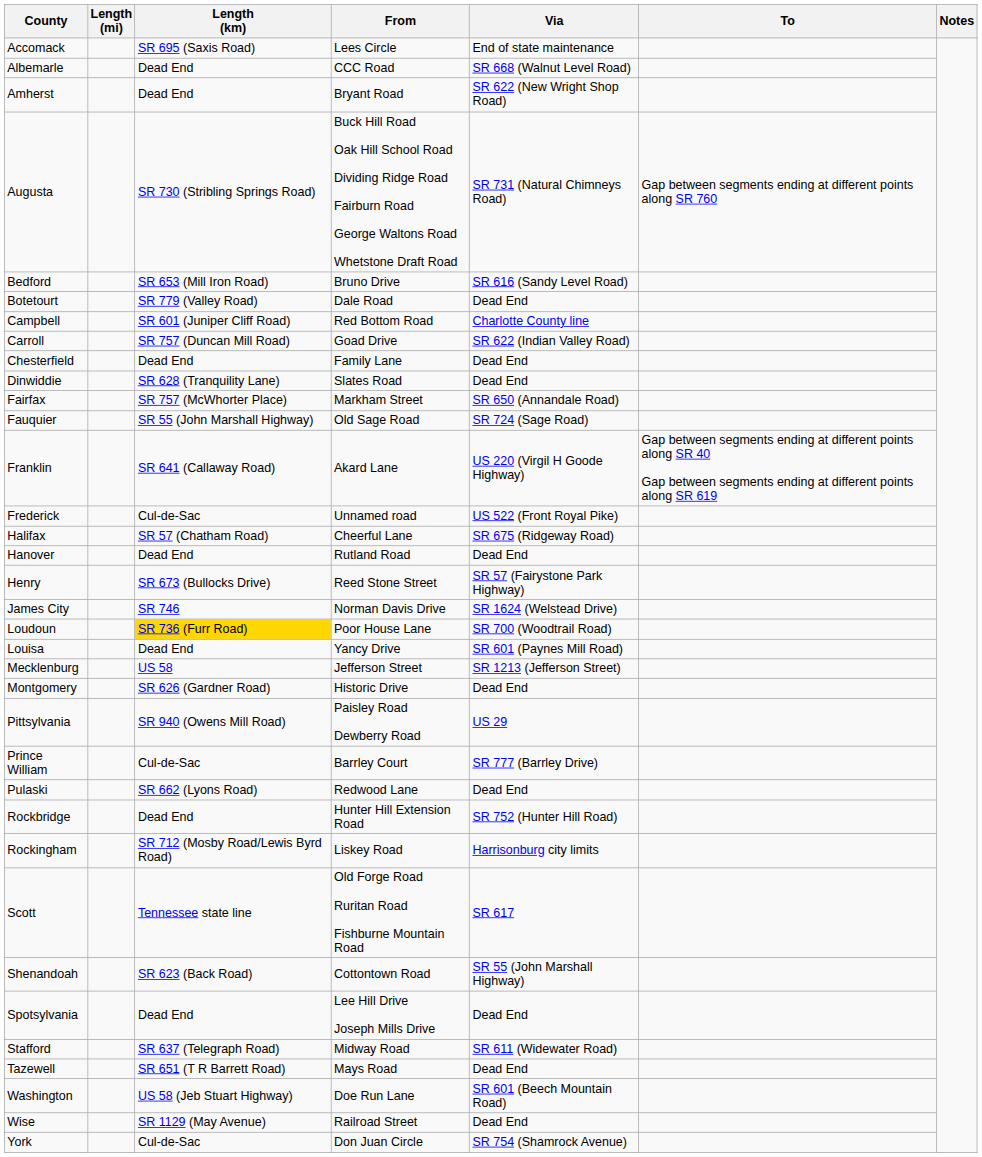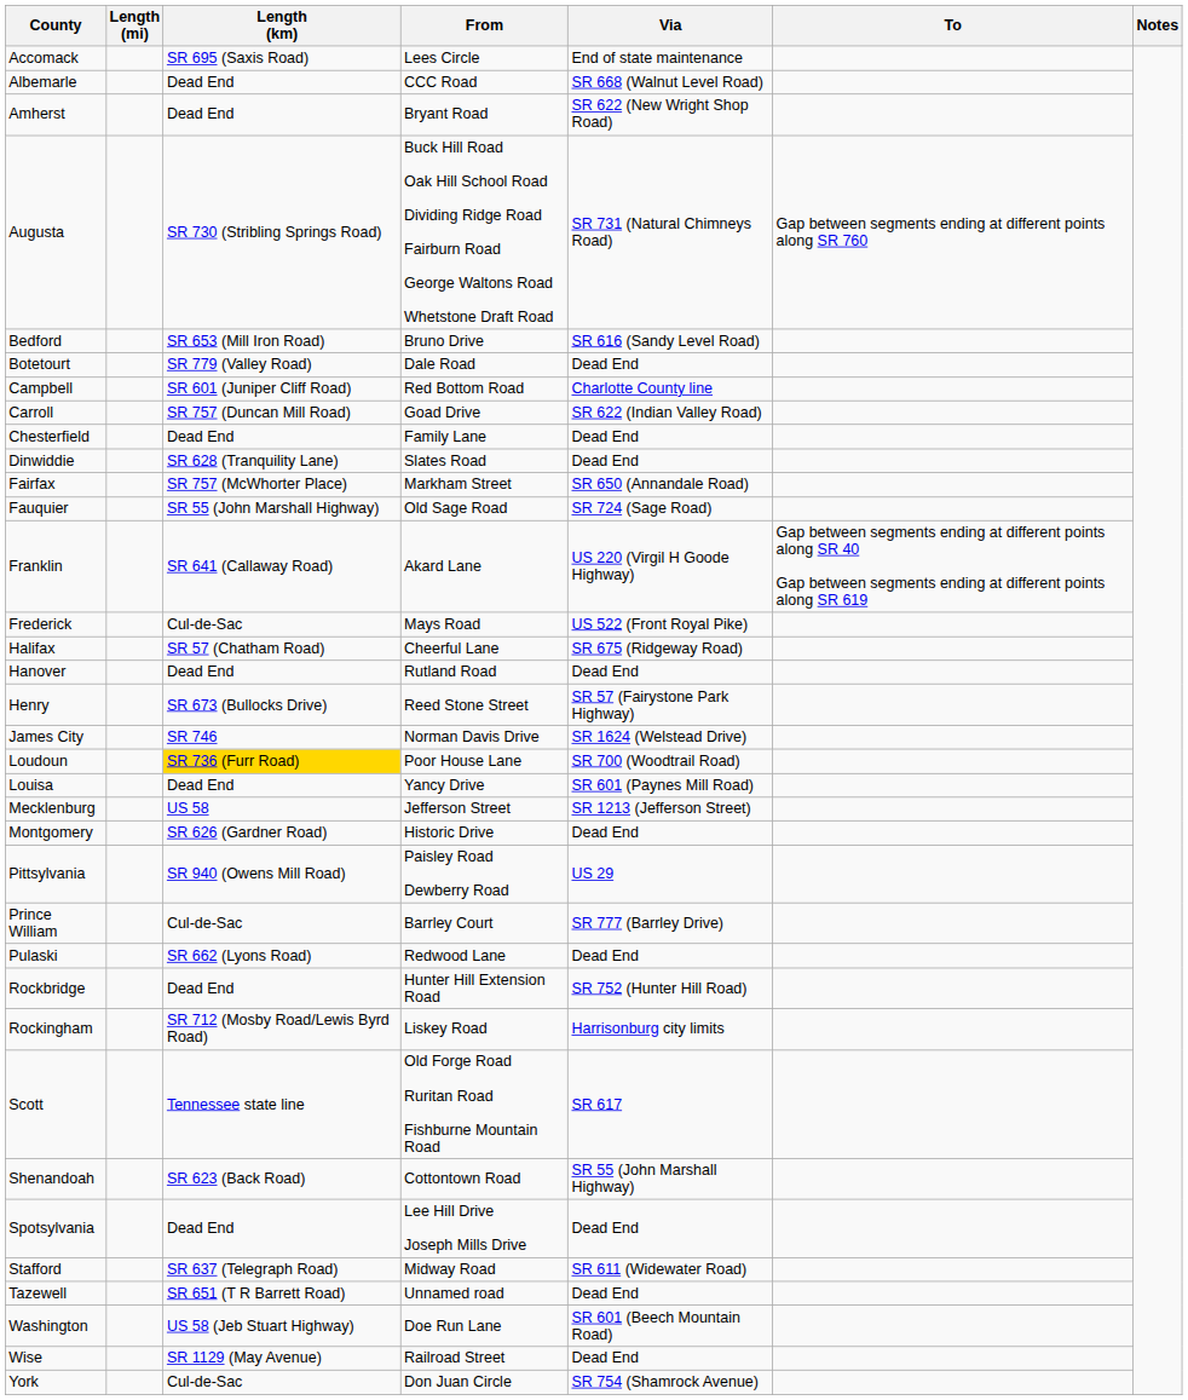 <table class="wikitable sortable">
 <tr>
 <th>County</th>
 <th>Length<br>(mi)</th>
 <th>Length<br>(km)</th>
 <th class="unsortable">From</th>
 <th class="unsortable">Via</th>
 <th class="unsortable">To</th>
 <th class="unsortable">Notes</th>
 </tr>
 <tr>
 <td id="Accomack">Accomack</td>
 <td></td>
 <td><a href='#'>SR 695</a> (Saxis Road)</td>
 <td>Lees Circle</td>
 <td>End of state maintenance</td>
 <td></td>
 </tr>
 <tr>
 <td id="Albemarle">Albemarle</td>
 <td></td>
 <td>Dead End</td>
 <td>CCC Road</td>
 <td><a href='#'>SR 668</a> (Walnut Level Road)</td>
 <td><br> </td>
 </tr>
 <tr>
 <td id="Amherst">Amherst</td>
 <td></td>
 <td>Dead End</td>
 <td>Bryant Road</td>
 <td><a href='#'>SR 622</a> (New Wright Shop Road)</td>
 <td><br> </td>
 </tr>
 <tr>
 <td id="Augusta">Augusta</td>
 <td></td>
 <td><a href='#'>SR 730</a> (Stribling Springs Road)</td>
 <td>Buck Hill Road<br><br>Oak Hill School Road<br><br>Dividing Ridge Road<br><br>Fairburn Road<br><br>George Waltons Road<br><br>Whetstone Draft Road</td>
 <td><a href='#'>SR 731</a> (Natural Chimneys Road)</td>
 <td>Gap between segments ending at different points along <a href='#'>SR 760</a><br></td>
 </tr>
 <tr>
 <td id="Bedford">Bedford</td>
 <td></td>
 <td><a href='#'>SR 653</a> (Mill Iron Road)</td>
 <td>Bruno Drive</td>
 <td><a href='#'>SR 616</a> (Sandy Level Road)</td>
 <td><br></td>
 </tr>
 <tr>
 <td id="Botetourt">Botetourt</td>
 <td></td>
 <td><a href='#'>SR 779</a> (Valley Road)</td>
 <td>Dale Road</td>
 <td>Dead End</td>
 <td><br>  </td>
 </tr>
 <tr>
 <td id="Campbell">Campbell</td>
 <td></td>
 <td><a href='#'>SR 601</a> (Juniper Cliff Road)</td>
 <td>Red Bottom Road</td>
 <td><a href='#'>Charlotte County line</a></td>
 <td><br></td>
 </tr>
 <tr>
 <td id="Carroll">Carroll</td>
 <td></td>
 <td><a href='#'>SR 757</a> (Duncan Mill Road)</td>
 <td>Goad Drive</td>
 <td><a href='#'>SR 622</a> (Indian Valley Road)</td>
 <td><br> </td>
 </tr>
 <tr>
 <td id="Chesterfield">Chesterfield</td>
 <td></td>
 <td>Dead End</td>
 <td>Family Lane</td>
 <td>Dead End</td>
 <td><br>    </td>
 </tr>
 <tr>
 <td id="Dinwiddie">Dinwiddie</td>
 <td></td>
 <td><a href='#'>SR 628</a> (Tranquility Lane)</td>
 <td>Slates Road</td>
 <td>Dead End</td>
 <td><br></td>
 </tr>
 <tr>
 <td id="Fairfax">Fairfax</td>
 <td></td>
 <td><a href='#'>SR 757</a> (McWhorter Place)</td>
 <td>Markham Street</td>
 <td><a href='#'>SR 650</a> (Annandale Road)</td>
 <td></td>
 </tr>
 <tr>
 <td id="Fauquier">Fauquier</td>
 <td></td>
 <td><a href='#'>SR 55</a> (John Marshall Highway)</td>
 <td>Old Sage Road</td>
 <td><a href='#'>SR 724</a> (Sage Road)</td>
 <td><br> </td>
 </tr>
 <tr>
 <td id="Franklin">Franklin</td>
 <td></td>
 <td><a href='#'>SR 641</a> (Callaway Road)</td>
 <td>Akard Lane</td>
 <td><a href='#'>US 220</a> (Virgil H Goode Highway)</td>
 <td>Gap between segments ending at different points along <a href='#'>SR 40</a><br><br>Gap between segments ending at different points along <a href='#'>SR 619</a></td>
 </tr>
 <tr>
 <td id="Frederick">Frederick</td>
 <td></td>
 <td>Cul-de-Sac</td>
-<td>Unnamed road</td>
+<td>Mays Road</td>
 <td><a href='#'>US 522</a> (Front Royal Pike)</td>
 <td><br>     </td>
 </tr>
 <tr>
 <td id="Halifax">Halifax</td>
 <td></td>
 <td><a href='#'>SR 57</a> (Chatham Road)</td>
 <td>Cheerful Lane</td>
 <td><a href='#'>SR 675</a> (Ridgeway Road)</td>
 <td></td>
 </tr>
 <tr>
 <td id="Hanover">Hanover</td>
 <td></td>
 <td>Dead End</td>
 <td>Rutland Road</td>
 <td>Dead End</td>
 <td><br></td>
 </tr>
 <tr>
 <td id="Henry">Henry</td>
 <td></td>
 <td><a href='#'>SR 673</a> (Bullocks Drive)</td>
 <td>Reed Stone Street</td>
 <td><a href='#'>SR 57</a> (Fairystone Park Highway)</td>
 <td><br> </td>
 </tr>
 <tr>
 <td id="James City">James City</td>
 <td></td>
 <td><a href='#'>SR 746</a></td>
 <td>Norman Davis Drive</td>
 <td><a href='#'>SR 1624</a> (Welstead Drive)</td>
 <td><br>    </td>
 </tr>
 <tr>
 <td id="Loudoun">Loudoun</td>
 <td></td>
 <td style="background: gold;"><a href='#'>SR 736</a> (Furr Road)</td>
 <td>Poor House Lane</td>
 <td><a href='#'>SR 700</a> (Woodtrail Road)</td>
 <td></td>
 </tr>
 <tr>
 <td id="Louisa">Louisa</td>
 <td></td>
 <td>Dead End</td>
 <td>Yancy Drive</td>
 <td><a href='#'>SR 601</a> (Paynes Mill Road)</td>
 <td><br>  </td>
 </tr>
 <tr>
 <td id="Mecklenburg">Mecklenburg</td>
 <td></td>
 <td><a href='#'>US 58</a></td>
 <td>Jefferson Street</td>
 <td><a href='#'>SR 1213</a> (Jefferson Street)</td>
 <td><br></td>
 </tr>
 <tr>
 <td id="Montgomery">Montgomery</td>
 <td></td>
 <td><a href='#'>SR 626</a> (Gardner Road)</td>
 <td>Historic Drive</td>
 <td>Dead End</td>
 <td><br>       </td>
 </tr>
 <tr>
 <td id="Pittsylvania">Pittsylvania</td>
 <td></td>
 <td><a href='#'>SR 940</a> (Owens Mill Road)</td>
 <td>Paisley Road<br><br>Dewberry Road</td>
 <td><a href='#'>US 29</a></td>
 <td><br>  </td>
 </tr>
 <tr>
 <td id="Prince William">Prince William</td>
 <td></td>
 <td>Cul-de-Sac</td>
 <td>Barrley Court</td>
 <td><a href='#'>SR 777</a> (Barrley Drive)</td>
 <td></td>
 </tr>
 <tr>
 <td id="Pulaski">Pulaski</td>
 <td></td>
 <td><a href='#'>SR 662</a> (Lyons Road)</td>
 <td>Redwood Lane</td>
 <td>Dead End</td>
 <td><br>  </td>
 </tr>
 <tr>
 <td id="Rockbridge">Rockbridge</td>
 <td></td>
 <td>Dead End</td>
 <td>Hunter Hill Extension Road</td>
 <td><a href='#'>SR 752</a> (Hunter Hill Road)</td>
 <td></td>
 </tr>
 <tr>
 <td id="Rockingham">Rockingham</td>
 <td></td>
 <td><a href='#'>SR 712</a> (Mosby Road/Lewis Byrd Road)</td>
 <td>Liskey Road</td>
 <td><a href='#'>Harrisonburg</a> city limits</td>
 <td><br></td>
 </tr>
 <tr>
 <td id="Scott">Scott</td>
 <td></td>
 <td><a href='#'>Tennessee</a> state line</td>
 <td>Old Forge Road<br><br>Ruritan Road<br><br>Fishburne Mountain Road</td>
 <td><a href='#'>SR 617</a></td>
 <td></td>
 </tr>
 <tr>
 <td id="Shenandoah">Shenandoah</td>
 <td></td>
 <td><a href='#'>SR 623</a> (Back Road)</td>
 <td>Cottontown Road</td>
 <td><a href='#'>SR 55</a> (John Marshall Highway)</td>
 <td><br> </td>
 </tr>
 <tr>
 <td id="Spotsylvania">Spotsylvania</td>
 <td></td>
 <td>Dead End</td>
 <td>Lee Hill Drive<br><br>Joseph Mills Drive</td>
 <td>Dead End</td>
 <td></td>
 </tr>
 <tr>
 <td id="Stafford">Stafford</td>
 <td></td>
 <td><a href='#'>SR 637</a> (Telegraph Road)</td>
 <td>Midway Road</td>
 <td><a href='#'>SR 611</a> (Widewater Road)</td>
 <td><br> </td>
 </tr>
 <tr>
 <td id="Tazewell">Tazewell</td>
 <td></td>
 <td><a href='#'>SR 651</a> (T R Barrett Road)</td>
-<td>Mays Road</td>
+<td>Unnamed road</td>
 <td>Dead End</td>
 <td><br></td>
 </tr>
 <tr>
 <td id="Washington">Washington</td>
 <td></td>
 <td><a href='#'>US 58</a> (Jeb Stuart Highway)</td>
 <td>Doe Run Lane</td>
 <td><a href='#'>SR 601</a> (Beech Mountain Road)</td>
 <td><br></td>
 </tr>
 <tr>
 <td id="Wise">Wise</td>
 <td></td>
 <td><a href='#'>SR 1129</a> (May Avenue)</td>
 <td>Railroad Street</td>
 <td>Dead End</td>
 <td><br></td>
 </tr>
 <tr>
 <td id="York">York</td>
 <td></td>
 <td>Cul-de-Sac</td>
 <td>Don Juan Circle</td>
 <td><a href='#'>SR 754</a> (Shamrock Avenue)</td>
 <td></td>
 </tr>
 </table>
